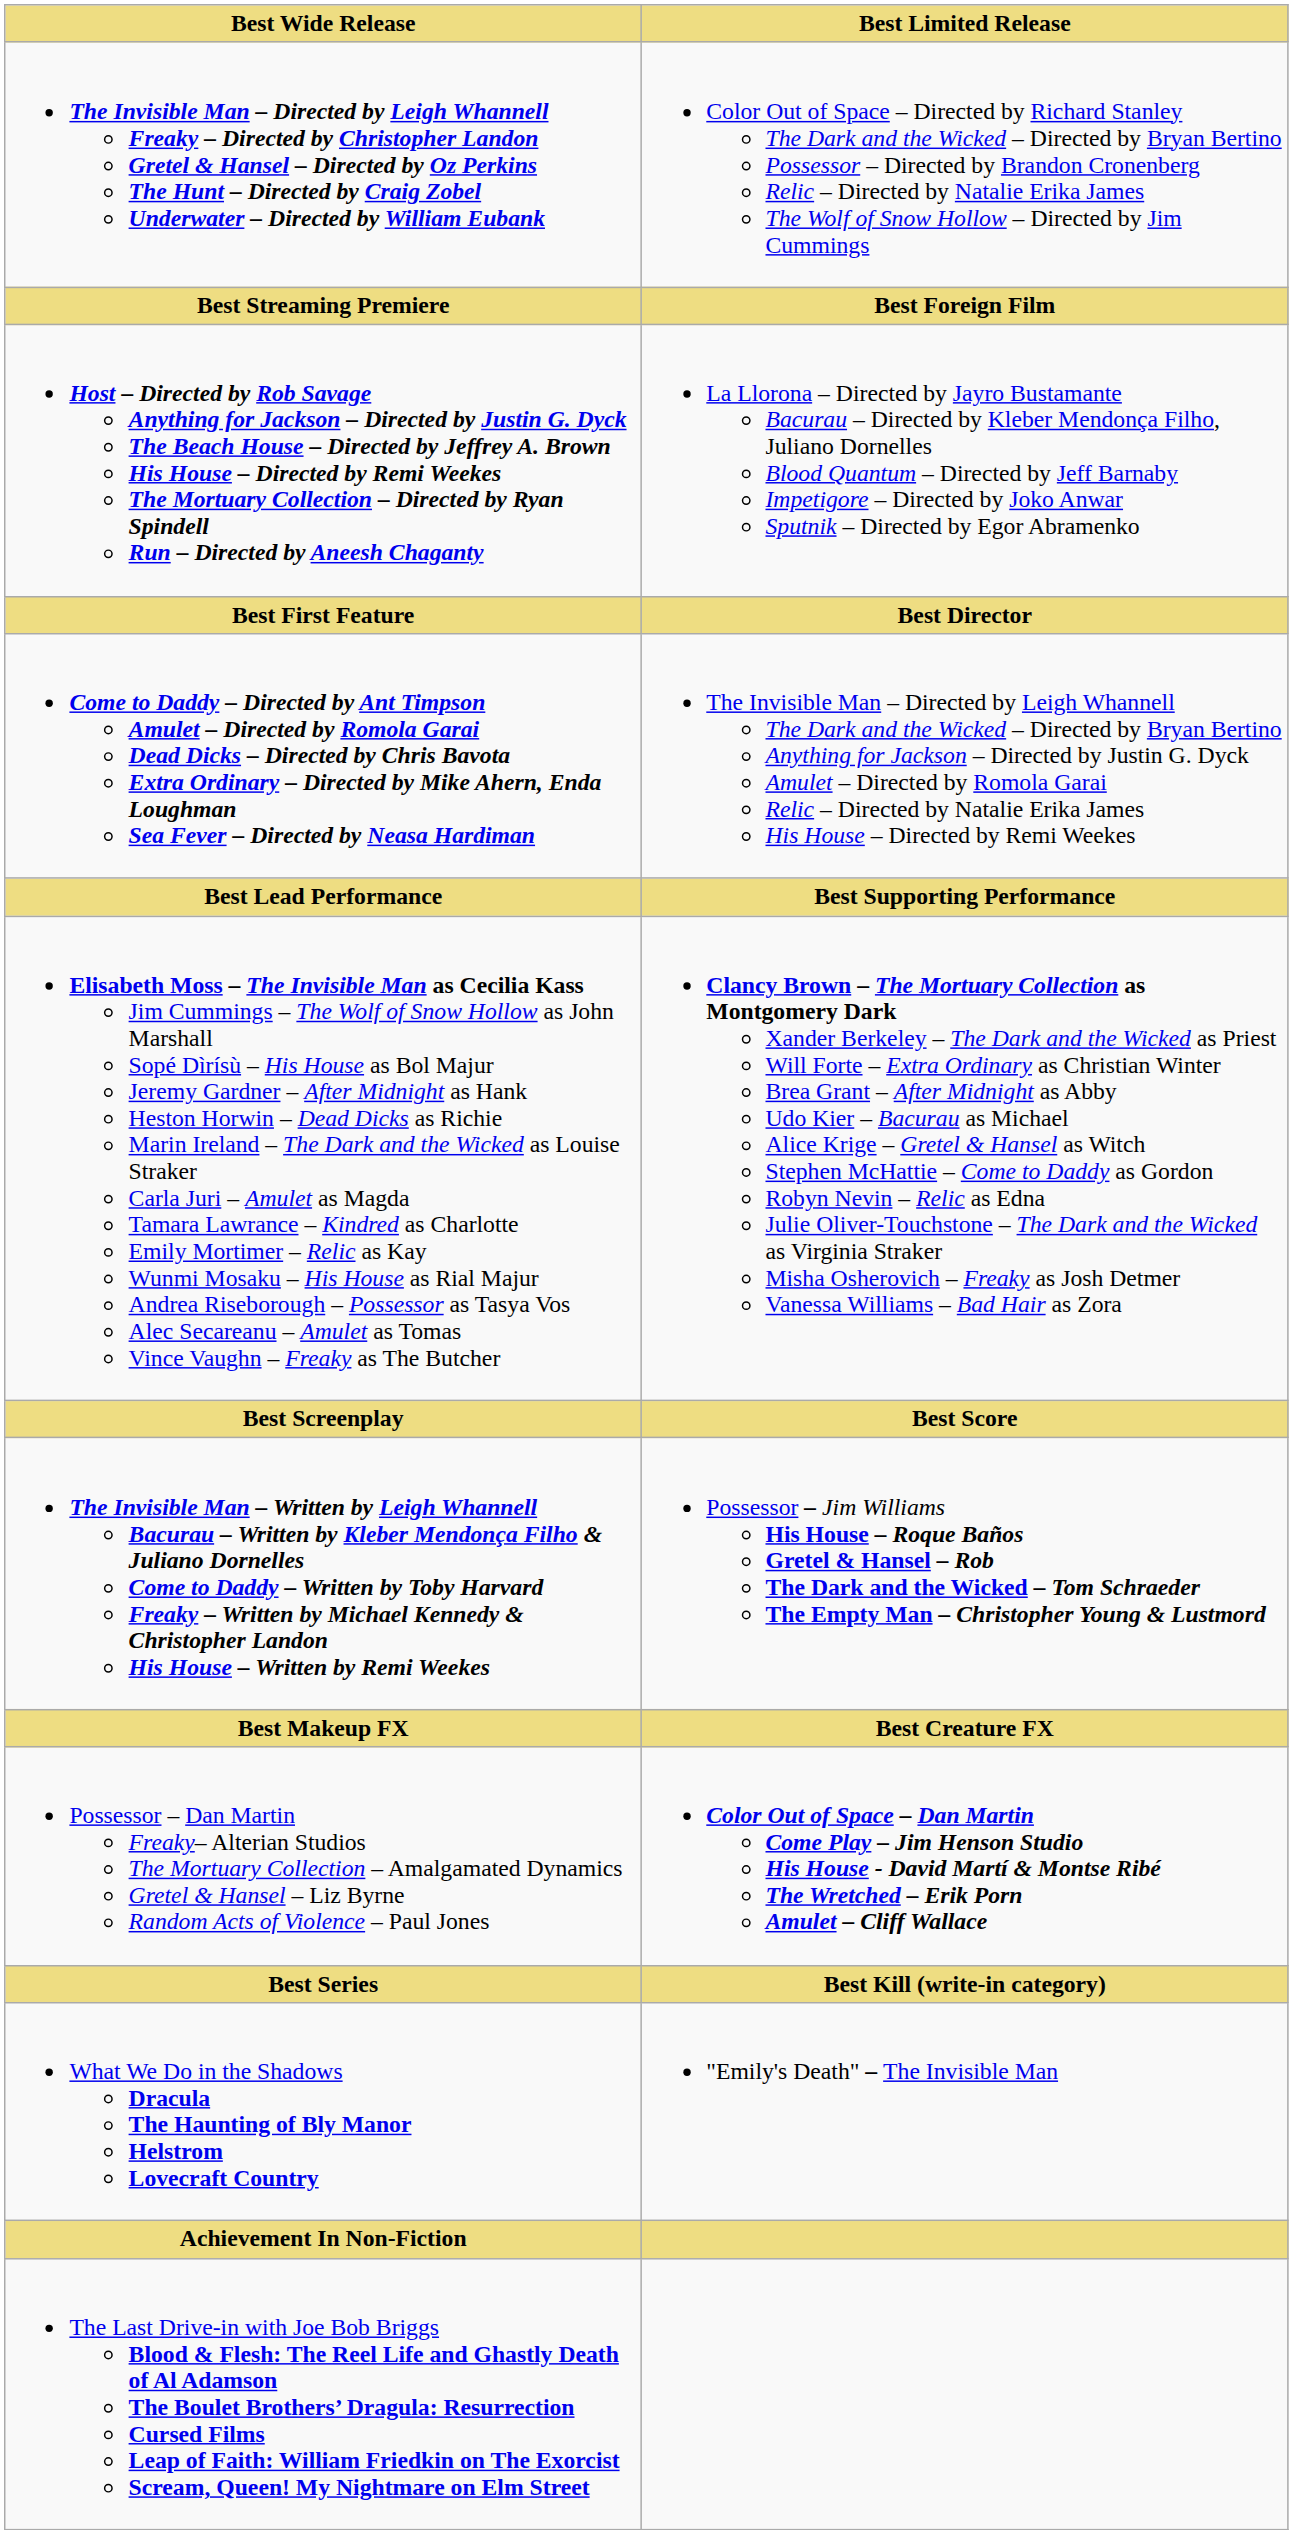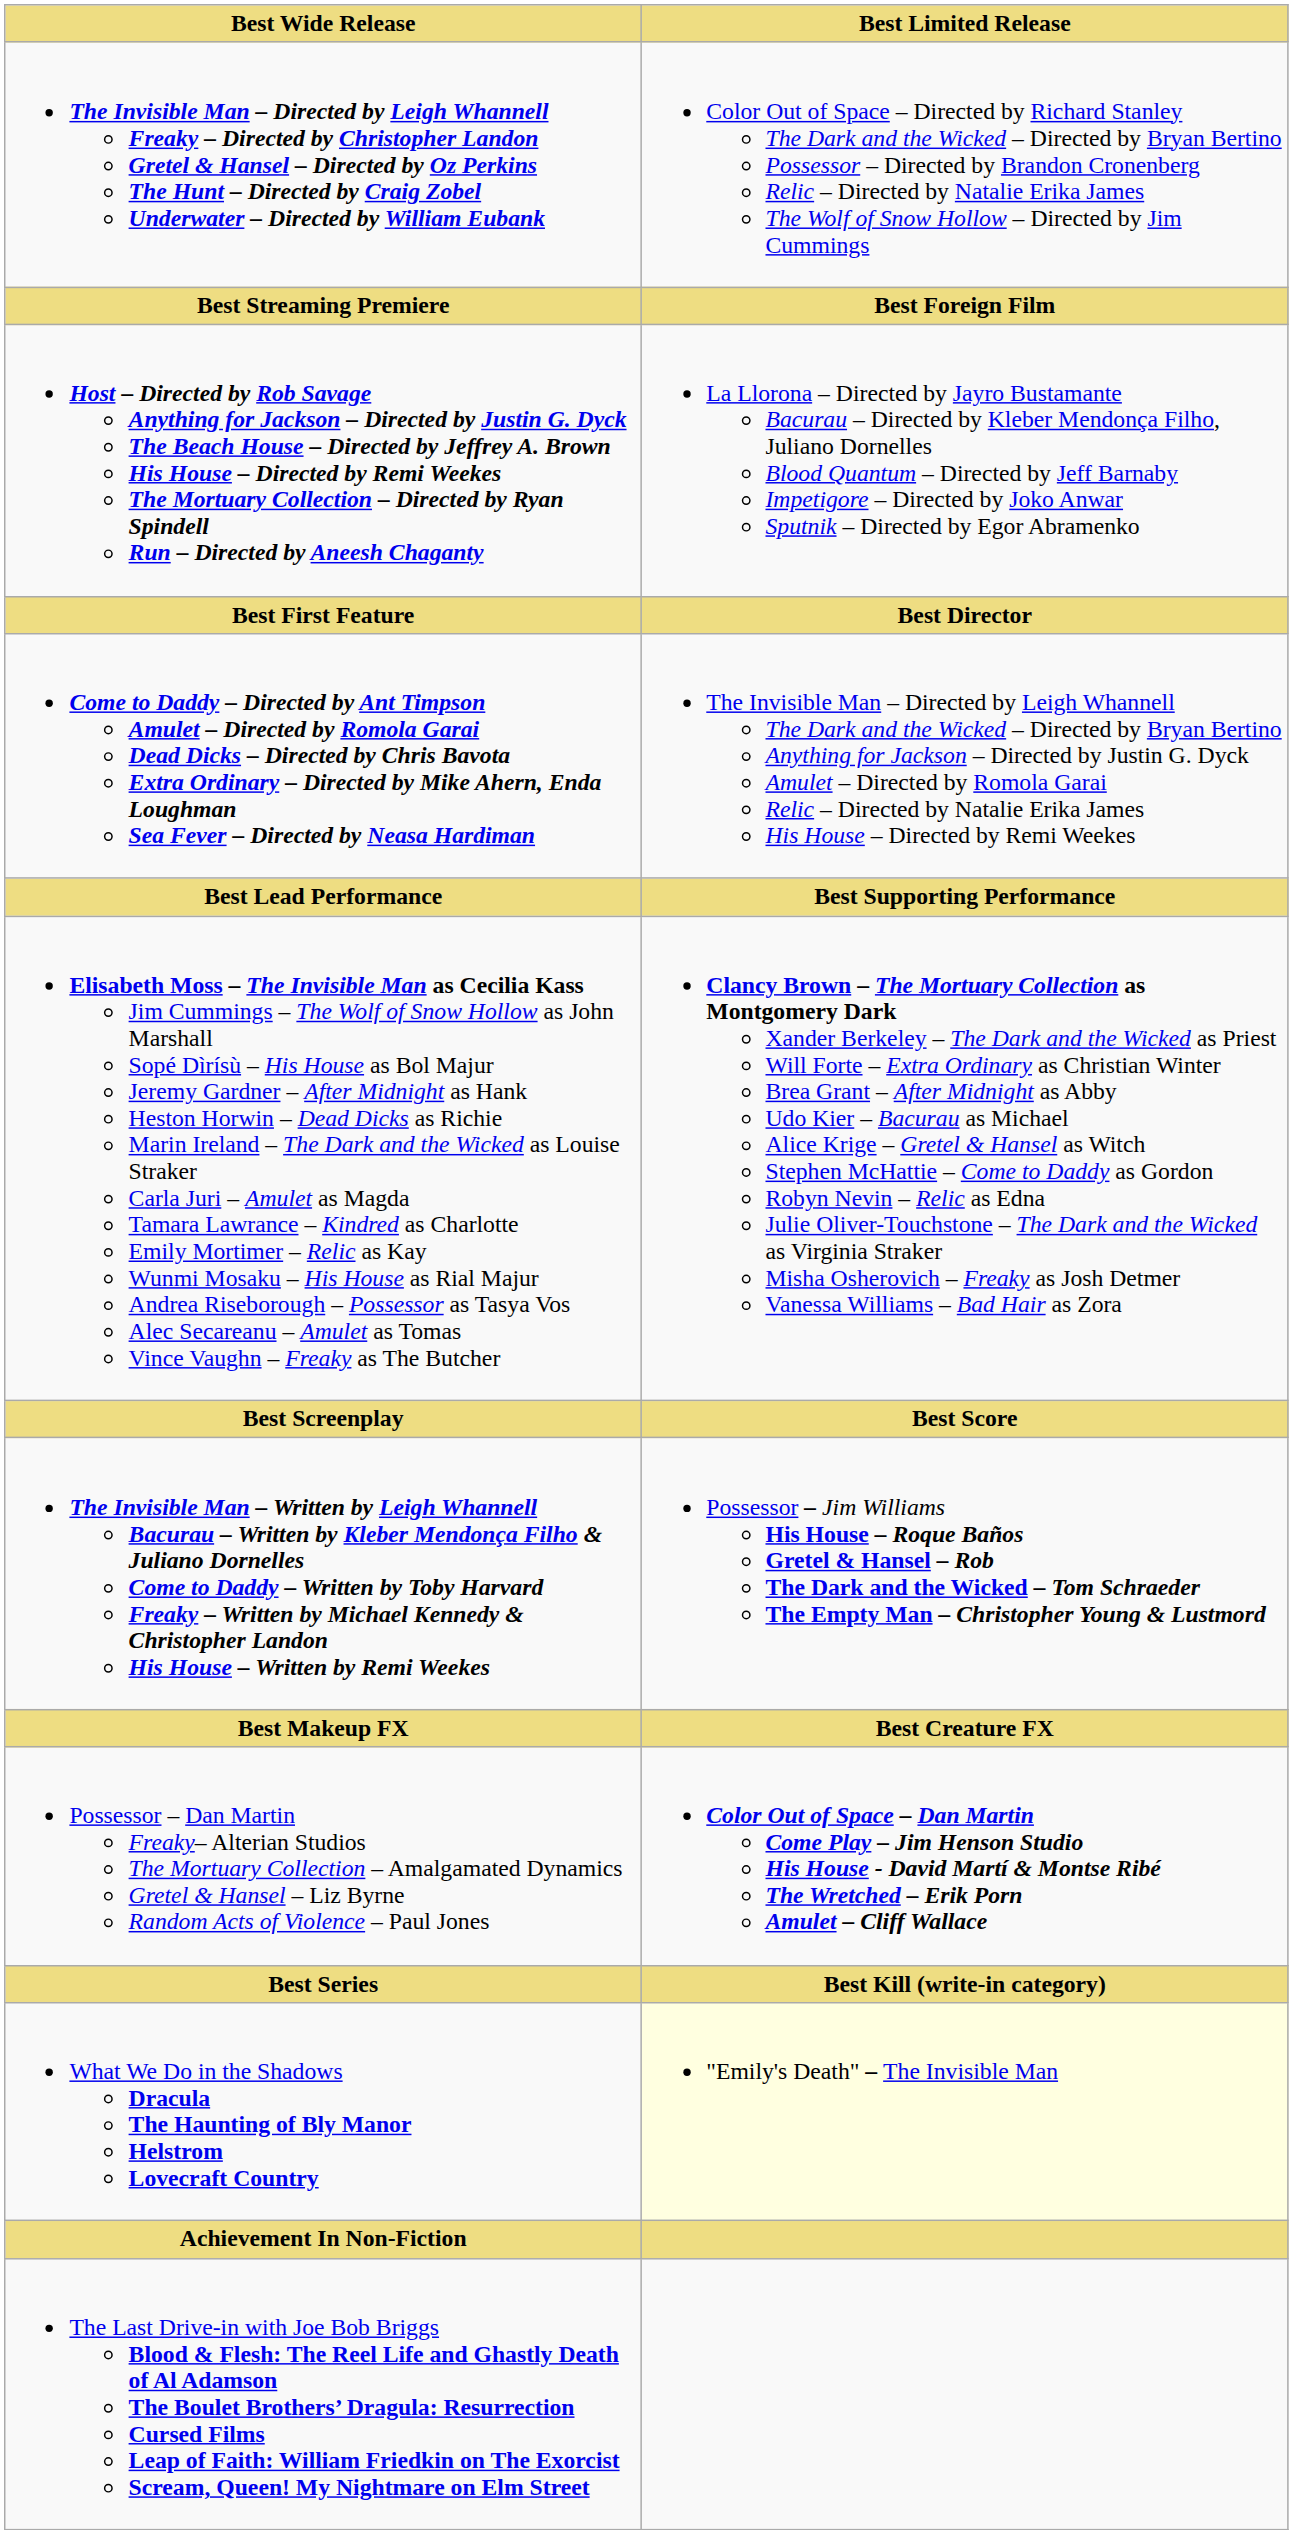 <table class=wikitable style="width="100%">
 <tr>
 <th style="background:#EEDD82">Best Wide Release</th>
 <th style="background:#EEDD82">Best Limited Release</th>
 </tr>
 <tr>
 <td valign="top"><br><ul><li><strong><em><a href='#'>The Invisible Man</a><em> – Directed by <a href='#'>Leigh Whannell</a><strong><ul><li></em><a href='#'>Freaky</a><em> – Directed by <a href='#'>Christopher Landon</a></li><li></em><a href='#'>Gretel & Hansel</a><em> – Directed by <a href='#'>Oz Perkins</a></li><li></em><a href='#'>The Hunt</a><em> – Directed by <a href='#'>Craig Zobel</a></li><li></em><a href='#'>Underwater</a><em> – Directed by <a href='#'>William Eubank</a></li></ul></li></ul></td>
 <td valign="top"><br><ul><li></em></strong><a href='#'>Color Out of Space</a></em> – Directed by <a href='#'>Richard Stanley</a></strong><ul><li><em><a href='#'>The Dark and the Wicked</a></em> – Directed by <a href='#'>Bryan Bertino</a></li><li><em><a href='#'>Possessor</a></em> – Directed by <a href='#'>Brandon Cronenberg</a></li><li><em><a href='#'>Relic</a></em> – Directed by <a href='#'>Natalie Erika James</a></li><li><em><a href='#'>The Wolf of Snow Hollow</a></em> – Directed by <a href='#'>Jim Cummings</a></li></ul></li></ul></td>
 </tr>
 <tr>
 <th style="background:#EEDD82">Best Streaming Premiere</th>
 <th style="background:#EEDD82">Best Foreign Film</th>
 </tr>
 <tr>
 <td valign="top"><br><ul><li><strong><em><a href='#'>Host</a><em> – Directed by <a href='#'>Rob Savage</a><strong><ul><li></em><a href='#'>Anything for Jackson</a><em> – Directed by <a href='#'>Justin G. Dyck</a></li><li></em><a href='#'>The Beach House</a><em> – Directed by Jeffrey A. Brown</li><li></em><a href='#'>His House</a><em> – Directed by Remi Weekes</li><li></em><a href='#'>The Mortuary Collection</a><em> – Directed by Ryan Spindell</li><li></em><a href='#'>Run</a><em> – Directed by <a href='#'>Aneesh Chaganty</a></li></ul></li></ul></td>
 <td valign="top"><br><ul><li></em></strong><a href='#'>La Llorona</a></em> – Directed by <a href='#'>Jayro Bustamante</a></strong><ul><li><em><a href='#'>Bacurau</a></em> – Directed by <a href='#'>Kleber Mendonça Filho</a>, Juliano Dornelles</li><li><em><a href='#'>Blood Quantum</a></em> – Directed by <a href='#'>Jeff Barnaby</a></li><li><em><a href='#'>Impetigore</a></em> – Directed by <a href='#'>Joko Anwar</a></li><li><em><a href='#'>Sputnik</a></em> – Directed by Egor Abramenko</li></ul></li></ul></td>
 </tr>
 <tr>
 <th style="background:#EEDD82">Best First Feature</th>
 <th style="background:#EEDD82">Best Director</th>
 </tr>
 <tr>
 <td valign="top"><br><ul><li><strong><em><a href='#'>Come to Daddy</a><em> – Directed by <a href='#'>Ant Timpson</a><strong><ul><li></em><a href='#'>Amulet</a><em> – Directed by <a href='#'>Romola Garai</a></li><li></em><a href='#'>Dead Dicks</a><em> – Directed by Chris Bavota</li><li></em><a href='#'>Extra Ordinary</a><em> – Directed by Mike Ahern, Enda Loughman</li><li></em><a href='#'>Sea Fever</a><em> – Directed by <a href='#'>Neasa Hardiman</a></li></ul></li></ul></td>
 <td valign="top"><br><ul><li></em></strong><a href='#'>The Invisible Man</a></em> – Directed by <a href='#'>Leigh Whannell</a></strong><ul><li><em><a href='#'>The Dark and the Wicked</a></em> – Directed by <a href='#'>Bryan Bertino</a></li><li><em><a href='#'>Anything for Jackson</a></em> – Directed by Justin G. Dyck</li><li><em><a href='#'>Amulet</a></em> – Directed by <a href='#'>Romola Garai</a></li><li><em><a href='#'>Relic</a></em> – Directed by Natalie Erika James</li><li><em><a href='#'>His House</a></em> – Directed by Remi Weekes</li></ul></li></ul></td>
 </tr>
 <tr>
 <th style="background:#EEDD82">Best Lead Performance</th>
 <th style="background:#EEDD82">Best Supporting Performance</th>
 </tr>
 <tr>
 <td valign="top"><br><ul><li><strong><a href='#'>Elisabeth Moss</a> – <em><a href='#'>The Invisible Man</a></em> as Cecilia Kass</strong><ul><li><a href='#'>Jim Cummings</a> – <em><a href='#'>The Wolf of Snow Hollow</a></em> as John Marshall</li><li><a href='#'>Sopé Dìrísù</a> – <em><a href='#'>His House</a></em> as Bol Majur</li><li><a href='#'>Jeremy Gardner</a> – <em><a href='#'>After Midnight</a></em> as Hank</li><li><a href='#'>Heston Horwin</a> – <em><a href='#'>Dead Dicks</a></em> as Richie</li><li><a href='#'>Marin Ireland</a> – <em><a href='#'>The Dark and the Wicked</a></em> as Louise Straker</li><li><a href='#'>Carla Juri</a> – <em><a href='#'>Amulet</a></em> as Magda</li><li><a href='#'>Tamara Lawrance</a> – <em><a href='#'>Kindred</a></em> as Charlotte</li><li><a href='#'>Emily Mortimer</a> – <em><a href='#'>Relic</a></em> as Kay</li><li><a href='#'>Wunmi Mosaku</a> – <em><a href='#'>His House</a></em> as Rial Majur</li><li><a href='#'>Andrea Riseborough</a> – <em><a href='#'>Possessor</a></em> as Tasya Vos</li><li><a href='#'>Alec Secareanu</a> – <em><a href='#'>Amulet</a></em> as Tomas</li><li><a href='#'>Vince Vaughn</a> – <em><a href='#'>Freaky</a></em> as The Butcher</li></ul></li></ul></td>
 <td valign="top"><br><ul><li><strong><a href='#'>Clancy Brown</a> – <em><a href='#'>The Mortuary Collection</a></em> as Montgomery Dark</strong><ul><li><a href='#'>Xander Berkeley</a> – <em><a href='#'>The Dark and the Wicked</a></em> as Priest</li><li><a href='#'>Will Forte</a> – <em><a href='#'>Extra Ordinary</a></em> as Christian Winter</li><li><a href='#'>Brea Grant</a> – <em><a href='#'>After Midnight</a></em> as Abby</li><li><a href='#'>Udo Kier</a> – <em><a href='#'>Bacurau</a></em> as Michael</li><li><a href='#'>Alice Krige</a> – <em><a href='#'>Gretel & Hansel</a></em> as Witch</li><li><a href='#'>Stephen McHattie</a> – <em><a href='#'>Come to Daddy</a></em> as Gordon</li><li><a href='#'>Robyn Nevin</a> – <em><a href='#'>Relic</a></em> as Edna</li><li><a href='#'>Julie Oliver-Touchstone</a> – <em><a href='#'>The Dark and the Wicked</a></em> as Virginia Straker</li><li><a href='#'>Misha Osherovich</a> – <em><a href='#'>Freaky</a></em> as Josh Detmer</li><li><a href='#'>Vanessa Williams</a> – <em><a href='#'>Bad Hair</a></em> as Zora</li></ul></li></ul></td>
 </tr>
 <tr>
 <th style="background:#EEDD82">Best Screenplay</th>
 <th style="background:#EEDD82">Best Score</th>
 </tr>
 <tr>
 <td valign="top"><br><ul><li><strong><em><a href='#'>The Invisible Man</a><em> – Written by <a href='#'>Leigh Whannell</a><strong><ul><li></em><a href='#'>Bacurau</a><em> – Written by <a href='#'>Kleber Mendonça Filho</a> & Juliano Dornelles</li><li></em><a href='#'>Come to Daddy</a><em> – Written by Toby Harvard</li><li></em><a href='#'>Freaky</a><em> – Written by Michael Kennedy & Christopher Landon</li><li></em><a href='#'>His House</a><em> – Written by Remi Weekes</li></ul></li></ul></td>
 <td valign="top"><br><ul><li></em></strong><a href='#'>Possessor</a><strong><em> – </strong>Jim Williams<strong><ul><li></em><a href='#'>His House</a><em> – Roque Baños</li><li></em><a href='#'>Gretel & Hansel</a><em> – Rob</li><li></em><a href='#'>The Dark and the Wicked</a><em> – Tom Schraeder</li><li></em><a href='#'>The Empty Man</a><em> – Christopher Young & Lustmord</li></ul></li></ul></td>
 </tr>
 <tr>
 <th style="background:#EEDD82">Best Makeup FX</th>
 <th style="background:#EEDD82">Best Creature FX</th>
 </tr>
 <tr>
 <td valign="top"><br><ul><li></em></strong><a href='#'>Possessor</a></em> – <a href='#'>Dan Martin</a></strong><ul><li><em><a href='#'>Freaky</a></em>– Alterian Studios</li><li><em><a href='#'>The Mortuary Collection</a></em> – Amalgamated Dynamics</li><li><em><a href='#'>Gretel & Hansel</a></em> – Liz Byrne</li><li><em><a href='#'>Random Acts of Violence</a></em> – Paul Jones</li></ul></li></ul></td>
 <td valign="top"><br><ul><li><strong><em><a href='#'>Color Out of Space</a><em> – <a href='#'>Dan Martin</a><strong><ul><li></em><a href='#'>Come Play</a><em> – Jim Henson Studio</li><li></em><a href='#'>His House</a><em> - David Martí & Montse Ribé</li><li></em><a href='#'>The Wretched</a><em> – Erik Porn</li><li></em><a href='#'>Amulet</a><em> – Cliff Wallace</li></ul></li></ul></td>
 </tr>
 <tr>
 <th style="background:#EEDD82">Best Series</th>
 <th style="background:#EEDD82">Best Kill (write-in category)</th>
 </tr>
 <tr>
 <td valign="top"><br><ul><li></em></strong><a href='#'>What We Do in the Shadows</a><strong><em><ul><li></em><a href='#'>Dracula</a><em></li><li></em><a href='#'>The Haunting of Bly Manor</a><em></li><li></em><a href='#'>Helstrom</a><em></li><li></em><a href='#'>Lovecraft Country</a><em></li></ul></li></ul></td>
-<td valign="top"><br><ul><li></strong>"Emily's Death"<strong> – </em></strong><a href='#'>The Invisible Man</a><strong><em></li></ul></td>
+<td valign="top" style="background: lightyellow;"><br><ul><li></strong>"Emily's Death"<strong> – </em></strong><a href='#'>The Invisible Man</a><strong><em></li></ul></td>
 </tr>
 <tr>
 <th style="background:#EEDD82">Achievement In Non-Fiction</th>
 <th style="background:#EEDD82"></th>
 </tr>
 <tr>
 <td valign="top"><br><ul><li></em></strong><a href='#'>The Last Drive-in with Joe Bob Briggs</a><strong><em><ul><li></em><a href='#'>Blood & Flesh: The Reel Life and Ghastly Death of Al Adamson</a><em></li><li></em><a href='#'>The Boulet Brothers’ Dragula: Resurrection</a><em></li><li></em><a href='#'>Cursed Films</a><em></li><li></em><a href='#'>Leap of Faith: William Friedkin on The Exorcist</a><em></li><li></em><a href='#'>Scream, Queen! My Nightmare on Elm Street</a><em></li></ul></li></ul></td>
 <td valign="top"></td>
 </tr>
 </table>
